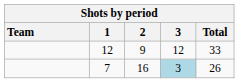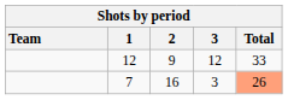 <table class="wikitable" style="width:20em">
 <tr>
 <th colspan="6">Shots by period</th>
 </tr>
 <tr>
 <th style="width:8em; text-align:left;">Team</th>
 <th style="width:3em;">1</th>
 <th style="width:3em;">2</th>
 <th style="width:3em;">3</th>
 <th style="width:3em;">Total</th>
 </tr>
 <tr style="text-align:center;">
 <td style="text-align:left;"></td>
 <td>12</td>
 <td>9</td>
 <td>12</td>
 <td>33</td>
 </tr>
 <tr style="text-align:center;">
 <td style="text-align:left;"></td>
 <td>7</td>
 <td>16</td>
-<td style="background: lightblue;">3</td>
-<td>26</td>
+<td>3</td>
+<td style="background: lightsalmon;">26</td>
 </tr>
 </table>
